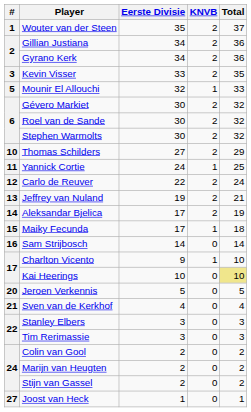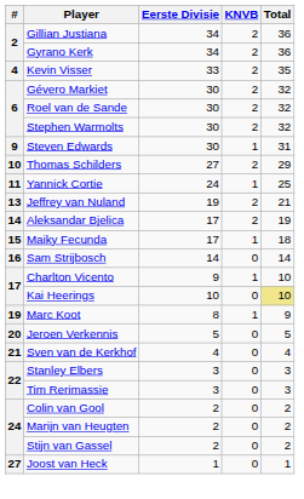 <table class="wikitable" style="text-align:right;">
 <tr>
 <th>#</th>
 <th>Player</th>
 <th><a href='#'>Eerste Divisie</a></th>
 <th><a href='#'>KNVB</a></th>
 <th>Total</th>
-</tr>
-<tr>
-<th align=center>1</th>
-<td align=left> <a href='#'>Wouter van der Steen</a></td>
-<td>35</td>
-<td>2</td>
-<td>37</td>
 </tr>
 <tr>
 <th rowspan=2 align=center>2</th>
 <td align=left> <a href='#'>Gillian Justiana</a></td>
 <td>34</td>
 <td>2</td>
 <td>36</td>
 </tr>
 <tr>
 <td align=left> <a href='#'>Gyrano Kerk</a></td>
 <td>34</td>
 <td>2</td>
 <td>36</td>
 </tr>
 <tr>
-<th align=center>3</th>
+<th align=center>4</th>
 <td align=left> <a href='#'>Kevin Visser</a></td>
 <td>33</td>
 <td>2</td>
 <td>35</td>
-</tr>
-<tr>
-<th align=center>5</th>
-<td align=left> <a href='#'>Mounir El Allouchi</a></td>
-<td>32</td>
-<td>1</td>
-<td>33</td>
 </tr>
 <tr>
 <th rowspan=3 align=center>6</th>
 <td align=left> <a href='#'>Gévero Markiet</a></td>
 <td>30</td>
 <td>2</td>
 <td>32</td>
 </tr>
 <tr>
 <td align=left> <a href='#'>Roel van de Sande</a></td>
 <td>30</td>
 <td>2</td>
 <td>32</td>
 </tr>
 <tr>
 <td align=left> <a href='#'>Stephen Warmolts</a></td>
 <td>30</td>
 <td>2</td>
 <td>32</td>
 </tr>
 <tr>
+<th align=center>9</th>
+<td align=left> <a href='#'>Steven Edwards</a></td>
+<td>30</td>
+<td>1</td>
+<td>31</td>
+</tr>
+<tr>
 <th align=center>10</th>
 <td align=left> <a href='#'>Thomas Schilders</a></td>
 <td>27</td>
 <td>2</td>
 <td>29</td>
 </tr>
 <tr>
 <th align=center>11</th>
 <td align=left> <a href='#'>Yannick Cortie</a></td>
 <td>24</td>
 <td>1</td>
 <td>25</td>
-</tr>
-<tr>
-<th align=center>12</th>
-<td align=left> <a href='#'>Carlo de Reuver</a></td>
-<td>22</td>
-<td>2</td>
-<td>24</td>
 </tr>
 <tr>
 <th align=center>13</th>
 <td align=left> <a href='#'>Jeffrey van Nuland</a></td>
 <td>19</td>
 <td>2</td>
 <td>21</td>
 </tr>
 <tr>
 <th align=center>14</th>
 <td align=left> <a href='#'>Aleksandar Bjelica</a></td>
 <td>17</td>
 <td>2</td>
 <td>19</td>
 </tr>
 <tr>
 <th align=center>15</th>
 <td align=left> <a href='#'>Maiky Fecunda</a></td>
 <td>17</td>
 <td>1</td>
 <td>18</td>
 </tr>
 <tr>
 <th align=center>16</th>
 <td align=left> <a href='#'>Sam Strijbosch</a></td>
 <td>14</td>
 <td>0</td>
 <td>14</td>
 </tr>
 <tr>
 <th rowspan=2 align=center>17</th>
 <td align=left> <a href='#'>Charlton Vicento</a></td>
 <td>9</td>
 <td>1</td>
 <td>10</td>
 </tr>
 <tr>
 <td align=left> <a href='#'>Kai Heerings</a></td>
 <td>10</td>
 <td>0</td>
 <td style="background: khaki;">10</td>
+</tr>
+<tr>
+<th align=center>19</th>
+<td align=left> <a href='#'>Marc Koot</a></td>
+<td>8</td>
+<td>1</td>
+<td>9</td>
 </tr>
 <tr>
 <th align=center>20</th>
 <td align=left> <a href='#'>Jeroen Verkennis</a></td>
 <td>5</td>
 <td>0</td>
 <td>5</td>
 </tr>
 <tr>
 <th align=center>21</th>
 <td align=left> <a href='#'>Sven van de Kerkhof</a></td>
 <td>4</td>
 <td>0</td>
 <td>4</td>
 </tr>
 <tr>
 <th rowspan=2 align=center>22</th>
 <td align=left> <a href='#'>Stanley Elbers</a></td>
 <td>3</td>
 <td>0</td>
 <td>3</td>
 </tr>
 <tr>
 <td align=left> <a href='#'>Tim Rerimassie</a></td>
 <td>3</td>
 <td>0</td>
 <td>3</td>
 </tr>
 <tr>
 <th rowspan=3 align=center>24</th>
 <td align=left> <a href='#'>Colin van Gool</a></td>
 <td>2</td>
 <td>0</td>
 <td>2</td>
 </tr>
 <tr>
 <td align=left> <a href='#'>Marijn van Heugten</a></td>
 <td>2</td>
 <td>0</td>
 <td>2</td>
 </tr>
 <tr>
 <td align=left> <a href='#'>Stijn van Gassel</a></td>
 <td>2</td>
 <td>0</td>
 <td>2</td>
 </tr>
 <tr>
 <th align=center>27</th>
 <td align=left> <a href='#'>Joost van Heck</a></td>
 <td>1</td>
 <td>0</td>
 <td>1</td>
 </tr>
 </table>
